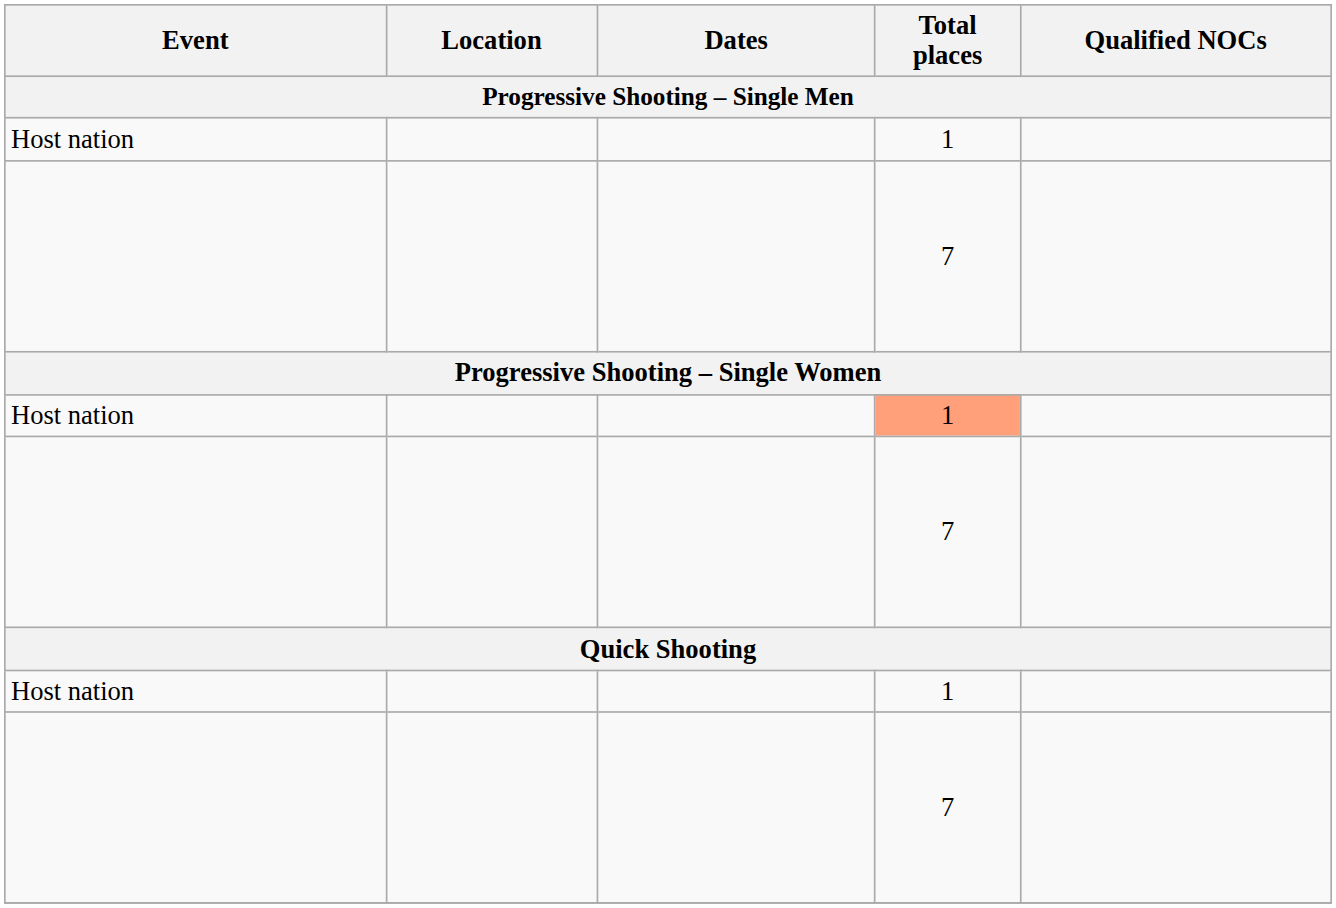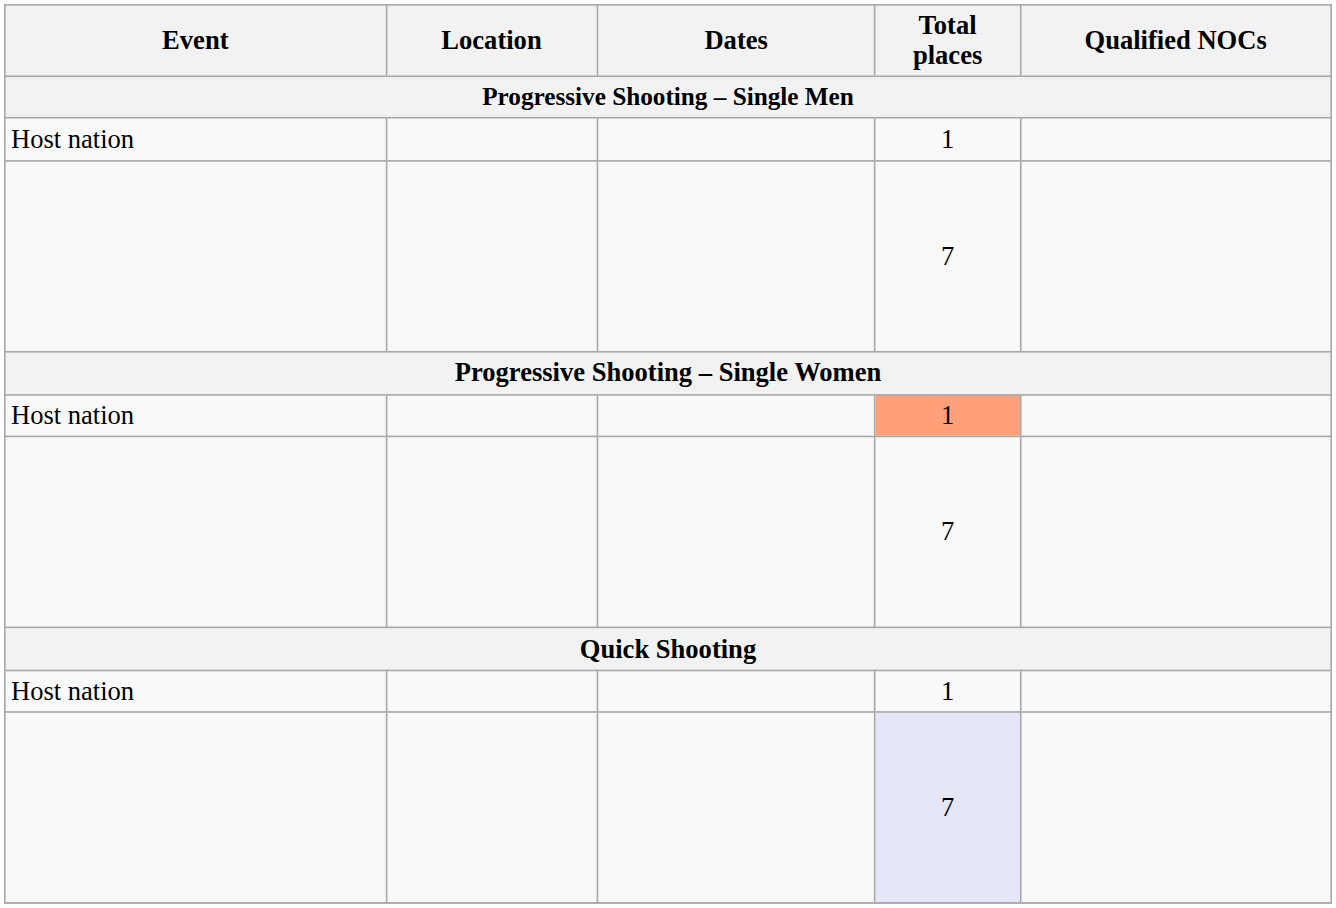 <table class="wikitable" width=800>
 <tr>
 <th>Event</th>
 <th width=120>Location</th>
 <th width=160>Dates</th>
 <th width=80>Total places</th>
 <th width=180>Qualified NOCs</th>
 </tr>
 <tr style="font-size:95%;">
 <th colspan=5>Progressive Shooting – Single Men</th>
 </tr>
 <tr>
 <td>Host nation</td>
 <td></td>
 <td></td>
 <td align="center">1</td>
 <td></td>
 </tr>
 <tr>
 <td></td>
 <td></td>
 <td></td>
 <td align="center">7</td>
 <td><br><br><br><br><br><br></td>
 </tr>
 <tr>
 <th colspan=5>Progressive Shooting – Single Women</th>
 </tr>
 <tr>
 <td>Host nation</td>
 <td></td>
 <td></td>
 <td align="center" style="background: lightsalmon;">1</td>
 <td></td>
 </tr>
 <tr>
 <td></td>
 <td></td>
 <td></td>
 <td align="center">7</td>
 <td><br><br><br><br><br><br></td>
 </tr>
 <tr>
 <th colspan=5>Quick Shooting</th>
 </tr>
 <tr>
 <td>Host nation</td>
 <td></td>
 <td></td>
 <td align="center">1</td>
 <td></td>
 </tr>
 <tr>
 <td></td>
 <td></td>
 <td></td>
-<td align="center">7</td>
+<td align="center" style="background: lavender;">7</td>
 <td><br><br><br><br><br><br></td>
 </tr>
 <tr>
 </tr>
 </table>
